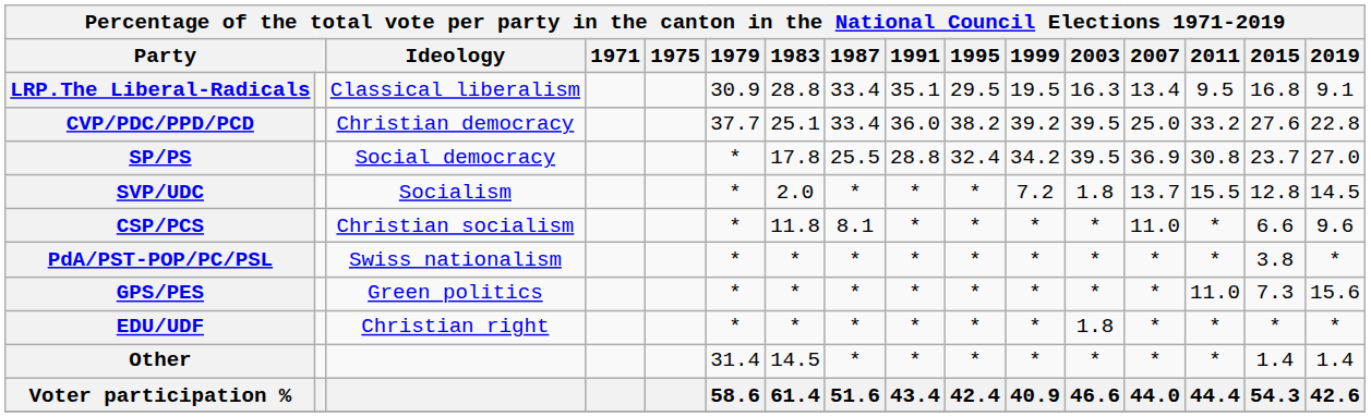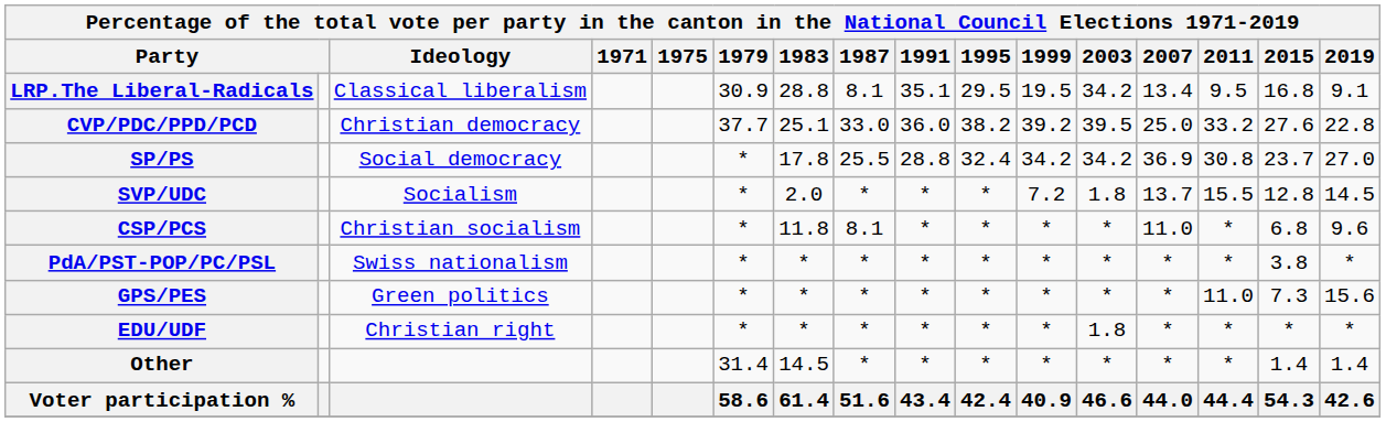 <table class="wikitable sortable" style ="text-align: center">
 <tr>
 <th colspan="16">Percentage of the total vote per party in the canton in the <a href='#'>National Council</a> Elections 1971-2019</th>
 </tr>
 <tr>
 <th colspan="2">Party</th>
 <th class="unsortable">Ideology</th>
 <th>1971</th>
 <th>1975</th>
 <th>1979</th>
 <th>1983</th>
 <th>1987</th>
 <th>1991</th>
 <th>1995</th>
 <th>1999</th>
 <th>2003</th>
 <th>2007</th>
 <th>2011</th>
 <th>2015</th>
 <th>2019</th>
 </tr>
 <tr>
 <th><a href='#'>LRP.The Liberal-Radicals</a></th>
 <td style="color:inherit;background:"></td>
 <td><a href='#'>Classical liberalism</a></td>
 <td></td>
 <td></td>
 <td>30.9</td>
 <td>28.8</td>
-<td>33.4</td>
+<td>8.1</td>
 <td>35.1</td>
 <td>29.5</td>
 <td>19.5</td>
-<td>16.3</td>
+<td>34.2</td>
 <td>13.4</td>
 <td>9.5</td>
 <td>16.8</td>
 <td>9.1</td>
 </tr>
 <tr>
 <th><a href='#'>CVP/PDC/PPD/PCD</a></th>
 <td style="color:inherit;background:"></td>
 <td><a href='#'>Christian democracy</a></td>
 <td></td>
 <td></td>
 <td>37.7</td>
 <td>25.1</td>
-<td>33.4</td>
+<td>33.0</td>
 <td>36.0</td>
 <td>38.2</td>
 <td>39.2</td>
 <td>39.5</td>
 <td>25.0</td>
 <td>33.2</td>
 <td>27.6</td>
 <td>22.8</td>
 </tr>
 <tr>
 <th><a href='#'>SP/PS</a></th>
 <td style="color:inherit;background:"></td>
 <td><a href='#'>Social democracy</a></td>
 <td></td>
 <td></td>
 <td>* </td>
 <td>17.8</td>
 <td>25.5</td>
 <td>28.8</td>
 <td>32.4</td>
 <td>34.2</td>
-<td>39.5</td>
+<td>34.2</td>
 <td>36.9</td>
 <td>30.8</td>
 <td>23.7</td>
 <td>27.0</td>
 </tr>
 <tr>
 <th><a href='#'>SVP/UDC</a></th>
 <td style="color:inherit;background:"></td>
 <td><a href='#'>Socialism</a></td>
 <td></td>
 <td></td>
 <td>*</td>
 <td>2.0</td>
 <td>*</td>
 <td>*</td>
 <td>*</td>
 <td>7.2</td>
 <td>1.8</td>
 <td>13.7</td>
 <td>15.5</td>
 <td>12.8</td>
 <td>14.5</td>
 </tr>
 <tr>
 <th><a href='#'>CSP/PCS</a></th>
 <td style="color:inherit;background:"></td>
 <td><a href='#'>Christian socialism</a></td>
 <td></td>
 <td></td>
 <td>*</td>
 <td>11.8</td>
 <td>8.1</td>
 <td>*</td>
 <td>*</td>
 <td>*</td>
 <td>*</td>
 <td>11.0</td>
 <td>*</td>
-<td>6.6</td>
+<td>6.8</td>
 <td>9.6</td>
 </tr>
 <tr>
 <th><a href='#'>PdA/PST-POP/PC/PSL</a></th>
 <td style="color:inherit;background:"></td>
 <td><a href='#'>Swiss nationalism</a></td>
 <td></td>
 <td></td>
 <td>*</td>
 <td>*</td>
 <td>*</td>
 <td>*</td>
 <td>*</td>
 <td>*</td>
 <td>*</td>
 <td>*</td>
 <td>*</td>
 <td>3.8</td>
 <td>*</td>
 </tr>
 <tr>
 <th><a href='#'>GPS/PES</a></th>
 <td style="color:inherit;background:"></td>
 <td><a href='#'>Green politics</a></td>
 <td></td>
 <td></td>
 <td>*</td>
 <td>*</td>
 <td>*</td>
 <td>*</td>
 <td>*</td>
 <td>*</td>
 <td>*</td>
 <td>*</td>
 <td>11.0</td>
 <td>7.3</td>
 <td>15.6</td>
 </tr>
 <tr>
 <th><a href='#'>EDU/UDF</a></th>
 <td style="color:inherit;background:"></td>
 <td><a href='#'>Christian right</a></td>
 <td></td>
 <td></td>
 <td>*</td>
 <td>*</td>
 <td>*</td>
 <td>*</td>
 <td>*</td>
 <td>*</td>
 <td>1.8</td>
 <td>*</td>
 <td>*</td>
 <td>*</td>
 <td>*</td>
 </tr>
 <tr>
 <th>Other</th>
 <td></td>
 <td></td>
 <td></td>
 <td></td>
 <td>31.4</td>
 <td>14.5</td>
 <td>*</td>
 <td>*</td>
 <td>*</td>
 <td>*</td>
 <td>*</td>
 <td>*</td>
 <td>*</td>
 <td>1.4</td>
 <td>1.4</td>
 </tr>
 <tr>
 <th>Voter participation %</th>
 <th></th>
 <th></th>
 <th></th>
 <th></th>
 <th>58.6</th>
 <th>61.4</th>
 <th>51.6</th>
 <th>43.4</th>
 <th>42.4</th>
 <th>40.9</th>
 <th>46.6</th>
 <th>44.0</th>
 <th>44.4</th>
 <th>54.3</th>
 <th>42.6</th>
 </tr>
 <tr>
 </tr>
 </table>
